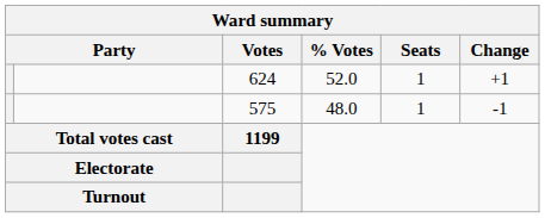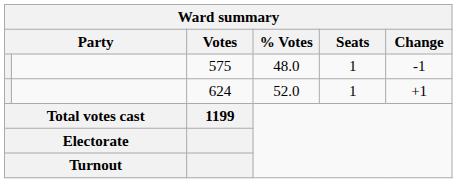 <table class="wikitable" style="font-size:95%;">
 <tr>
 <th colspan="6">Ward summary</th>
 </tr>
 <tr>
 <th colspan="2">Party</th>
 <th style="width: 60px">Votes</th>
 <th style="width: 60px">% Votes</th>
 <th style="width: 60px">Seats</th>
 <th style="width: 60px">Change</th>
 </tr>
 <tr>
 <th style="background-color: "></th>
 <td style="width: 170px"><a href='#'></a></td>
+<td align="center">575</td>
+<td align="center">48.0</td>
+<td align="center">1</td>
+<td align="center">-1</td>
+</tr>
+<tr>
+<th style="background-color: "></th>
+<td style="width: 170px"><a href='#'></a></td>
 <td align="center">624</td>
 <td align="center">52.0</td>
 <td align="center">1</td>
 <td align="center">+1</td>
-</tr>
-<tr>
-<th style="background-color: "></th>
-<td style="width: 170px"><a href='#'></a></td>
-<td align="center">575</td>
-<td align="center">48.0</td>
-<td align="center">1</td>
-<td align="center">-1</td>
 </tr>
 <tr style="background-color:#E9E9E9">
 <th colspan="2">Total votes cast</th>
 <th style="width: 60px">1199</th>
 </tr>
 <tr style="background-color:#E9E9E9">
 <th colspan="2">Electorate</th>
 <th style="width: 60px"></th>
 </tr>
 <tr style="background-color:#E9E9E9">
 <th colspan="2">Turnout</th>
 <th style="width: 60px"></th>
 </tr>
 </table>
